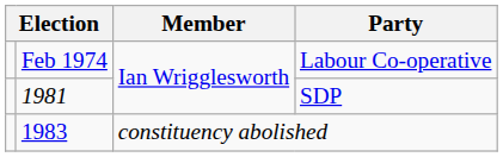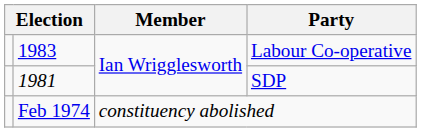 <table class="wikitable">
 <tr>
 <th colspan="2">Election</th>
 <th>Member</th>
 <th>Party</th>
 </tr>
 <tr>
 <td style="color:inherit;background-color: "></td>
-<td><a href='#'>Feb 1974</a></td>
+<td><a href='#'>1983</a></td>
 <td rowspan="2"><a href='#'>Ian Wrigglesworth</a></td>
 <td><a href='#'>Labour Co-operative</a></td>
 </tr>
 <tr>
 <td style="color:inherit;background-color: "></td>
 <td><em>1981</em></td>
 <td><a href='#'>SDP</a></td>
 </tr>
 <tr>
 <td></td>
-<td><a href='#'>1983</a></td>
+<td><a href='#'>Feb 1974</a></td>
 <td colspan="2"><em>constituency abolished</em></td>
 </tr>
 </table>
